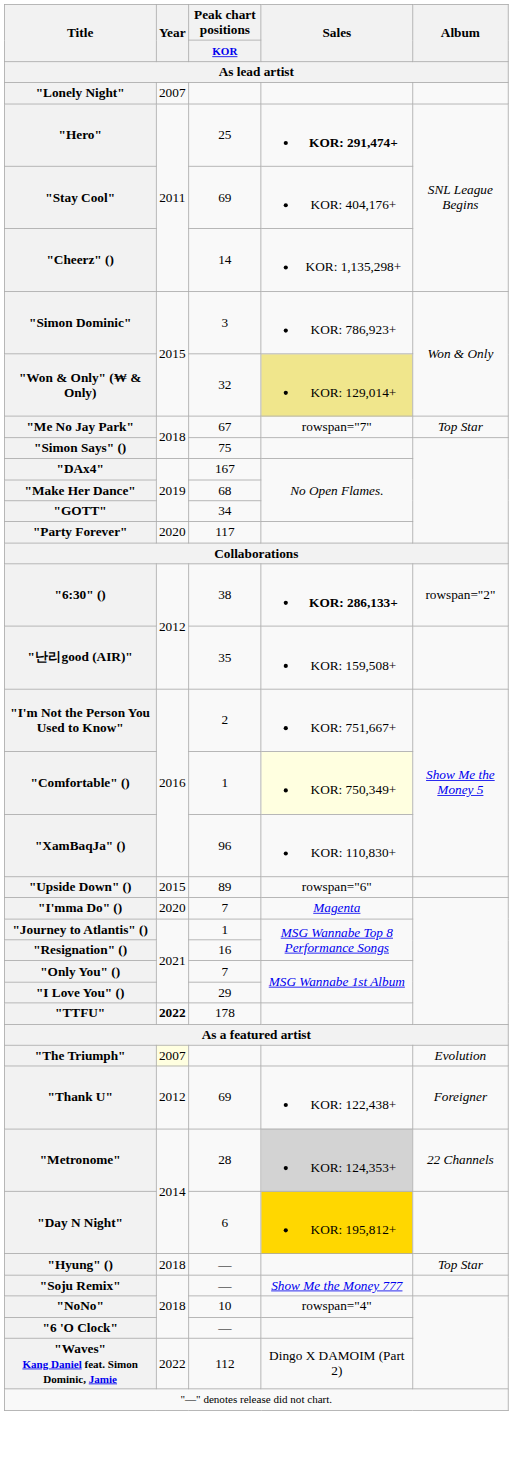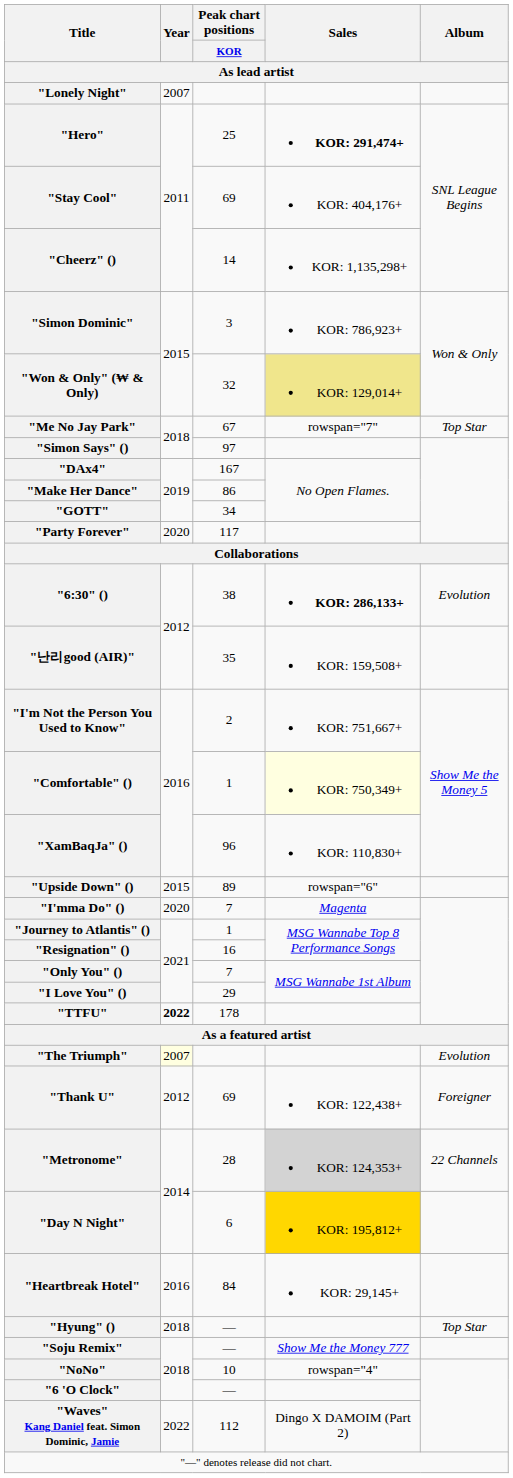 <table class="wikitable plainrowheaders" style="text-align:center;">
 <tr>
 <th scope="col" rowspan="2">Title</th>
 <th scope="col" rowspan="2">Year</th>
 <th scope="col" colspan="1" style="width:5em;">Peak chart positions</th>
 <th scope="col" rowspan="2">Sales</th>
 <th scope="col" rowspan="2">Album</th>
 </tr>
 <tr>
 <th><small><a href='#'>KOR</a><br></small></th>
 </tr>
 <tr>
 <th colspan="5">As lead artist</th>
 </tr>
 <tr>
 <th scope="row">"Lonely Night"</th>
 <td>2007</td>
 <td></td>
 <td></td>
 <td></td>
 </tr>
 <tr>
 <th scope="row">"Hero"</th>
 <td rowspan="3">2011</td>
 <td>25</td>
 <td><strong><br><ul><li>KOR: 291,474+</li></ul></strong></td>
 <td rowspan="3"><em>SNL League Begins</em></td>
 </tr>
 <tr>
 <th scope="row">"Stay Cool"<br></th>
 <td>69</td>
 <td><br><ul><li>KOR: 404,176+</li></ul></td>
 </tr>
 <tr>
 <th scope="row">"Cheerz" ()</th>
 <td>14</td>
 <td><br><ul><li>KOR: 1,135,298+</li></ul></td>
 </tr>
 <tr>
 <th scope="row">"Simon Dominic"</th>
 <td rowspan="2">2015</td>
 <td>3</td>
 <td><br><ul><li>KOR: 786,923+</li></ul></td>
 <td rowspan="2"><em>Won & Only</em></td>
 </tr>
 <tr>
 <th scope="row">"Won & Only" (₩ & Only)<br></th>
 <td>32</td>
 <td style="background: khaki;"><br><ul><li>KOR: 129,014+</li></ul></td>
 </tr>
 <tr>
 <th scope="row">"Me No Jay Park"</th>
 <td rowspan="2">2018</td>
 <td>67</td>
 <td>rowspan="7" </td>
 <td><em>Top Star</em></td>
 </tr>
 <tr>
 <th scope="row">"Simon Says" ()<br></th>
-<td>75</td>
+<td>97</td>
 <td></td>
 </tr>
 <tr>
 <th scope="row">"DAx4"</th>
 <td rowspan="3">2019</td>
 <td>167</td>
 <td rowspan="3"><em>No Open Flames.</em></td>
 </tr>
 <tr>
 <th scope="row">"Make Her Dance"<br></th>
-<td>68</td>
+<td>86</td>
 </tr>
 <tr>
 <th scope="row">"GOTT"<br></th>
 <td>34</td>
 </tr>
 <tr>
 <th scope="row">"Party Forever"</th>
 <td>2020</td>
 <td>117</td>
 <td></td>
 </tr>
 <tr>
 <th colspan="5">Collaborations</th>
 </tr>
 <tr>
 <th scope="row">"6:30" ()<br></th>
 <td rowspan="2">2012</td>
 <td>38</td>
 <td><strong><br><ul><li>KOR: 286,133+</li></ul></strong></td>
-<td>rowspan="2" </td>
+<td><em>Evolution</em></td>
 </tr>
 <tr>
 <th scope="row">"난리good (AIR)"<br></th>
 <td>35</td>
 <td><br><ul><li>KOR: 159,508+</li></ul></td>
 </tr>
 <tr>
 <th scope="row">"I'm Not the Person You Used to Know"<br></th>
 <td rowspan="3">2016</td>
 <td>2</td>
 <td><br><ul><li>KOR: 751,667+</li></ul></td>
 <td rowspan="3"><em><a href='#'>Show Me the Money 5</a></em></td>
 </tr>
 <tr>
 <th scope="row">"Comfortable" ()<br></th>
 <td>1</td>
 <td style="background: lightyellow;"><br><ul><li>KOR: 750,349+</li></ul></td>
 </tr>
 <tr>
 <th scope="row">"XamBaqJa" ()<br></th>
 <td>96</td>
 <td><br><ul><li>KOR: 110,830+</li></ul></td>
 </tr>
 <tr>
 <th scope="row">"Upside Down" ()<br></th>
 <td>2015</td>
 <td>89</td>
 <td>rowspan="6" </td>
 <td></td>
 </tr>
 <tr>
 <th scope="row">"I'mma Do" ()<br></th>
 <td>2020</td>
 <td>7</td>
 <td><em><a href='#'>Magenta</a></em></td>
 </tr>
 <tr>
 <th scope="row">"Journey to Atlantis" ()<br></th>
 <td rowspan="4">2021</td>
 <td>1</td>
 <td rowspan="2"><em><a href='#'>MSG Wannabe Top 8 Performance Songs</a></em></td>
 </tr>
 <tr>
 <th scope="row">"Resignation" ()<br></th>
 <td>16</td>
 </tr>
 <tr>
 <th scope="row">"Only You" ()<br></th>
 <td>7</td>
 <td rowspan="2"><em><a href='#'>MSG Wannabe 1st Album</a></em></td>
 </tr>
 <tr>
 <th scope="row">"I Love You" ()<br></th>
 <td>29</td>
 </tr>
 <tr>
 <th scope="row">"TTFU"<br></th>
 <td><strong>2022</strong></td>
 <td>178</td>
 <td></td>
 </tr>
 <tr>
 <th colspan="5">As a featured artist</th>
 </tr>
 <tr>
 <th scope="row">"The Triumph"<br></th>
 <td style="background: lightyellow;">2007</td>
 <td></td>
 <td></td>
 <td><em>Evolution</em></td>
 </tr>
 <tr>
 <th scope="row">"Thank U"<br></th>
 <td>2012</td>
 <td>69</td>
 <td><br><ul><li>KOR: 122,438+</li></ul></td>
 <td><em>Foreigner</em></td>
 </tr>
 <tr>
 <th scope="row">"Metronome"<br></th>
 <td rowspan="2">2014</td>
 <td>28</td>
 <td style="background: lightgrey;"><br><ul><li>KOR: 124,353+</li></ul></td>
 <td><em>22 Channels</em></td>
 </tr>
 <tr>
 <th scope="row">"Day N Night"<br></th>
 <td>6</td>
 <td style="background: gold;"><br><ul><li>KOR: 195,812+</li></ul></td>
 <td></td>
 </tr>
 <tr>
+<th scope="row">"Heartbreak Hotel"<br></th>
+<td>2016</td>
+<td>84</td>
+<td><br><ul><li>KOR: 29,145+</li></ul></td>
+<td></td>
+</tr>
+<tr>
 <th scope="row">"Hyung" ()<br></th>
 <td>2018</td>
 <td>—</td>
 <td></td>
 <td><em>Top Star</em></td>
 </tr>
 <tr>
 <th scope="row">"Soju Remix"<br></th>
 <td rowspan="3">2018</td>
 <td>—</td>
 <td><em><a href='#'>Show Me the Money 777</a></em></td>
 <td></td>
 </tr>
 <tr>
 <th scope="row">"NoNo"<br></th>
 <td>10</td>
 <td>rowspan="4" </td>
 </tr>
 <tr>
 <th scope="row">"6 'O Clock"<br></th>
 <td>—</td>
 <td></td>
 </tr>
 <tr>
 <th scope="row">"Waves"<br><small><a href='#'>Kang Daniel</a> feat. Simon Dominic, <a href='#'>Jamie</a></small></th>
 <td>2022</td>
 <td>112</td>
 <td>Dingo X DAMOIM (Part 2)</td>
 </tr>
 <tr>
 <td colspan="5"><small>"—" denotes release did not chart.</small></td>
 </tr>
 </table>
